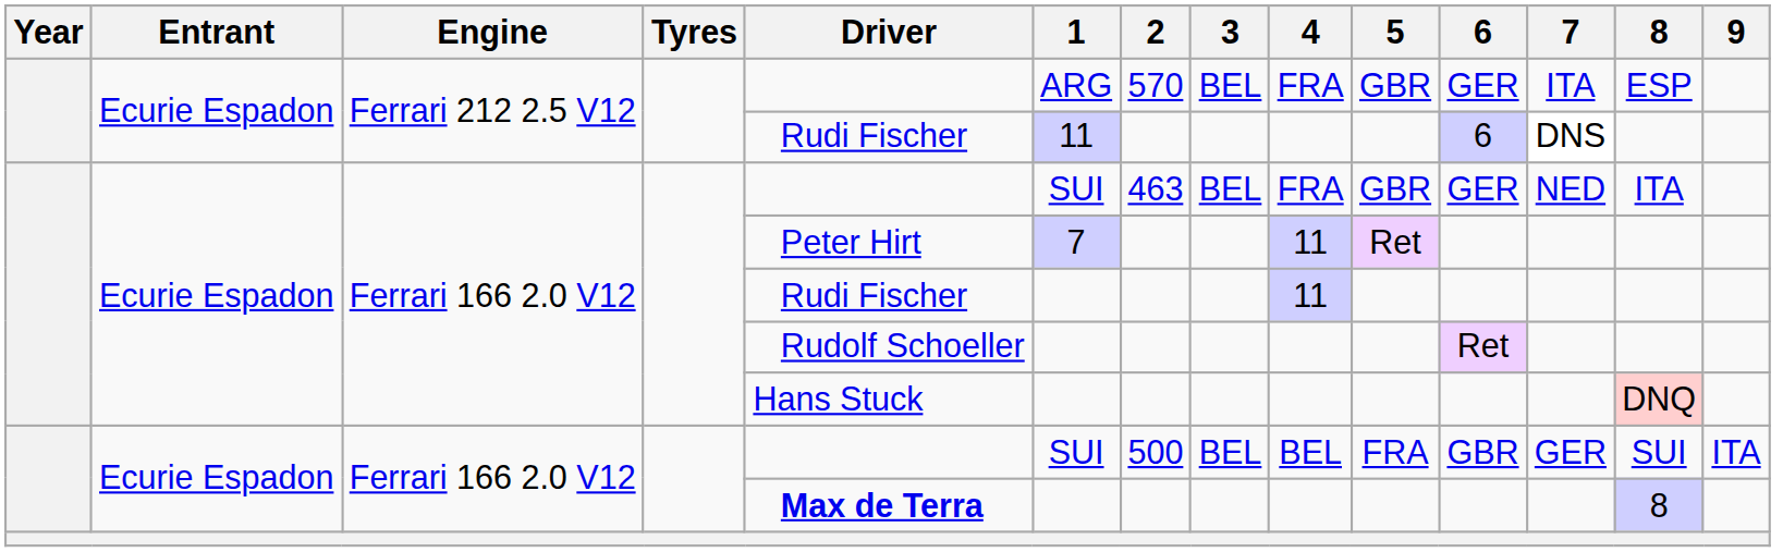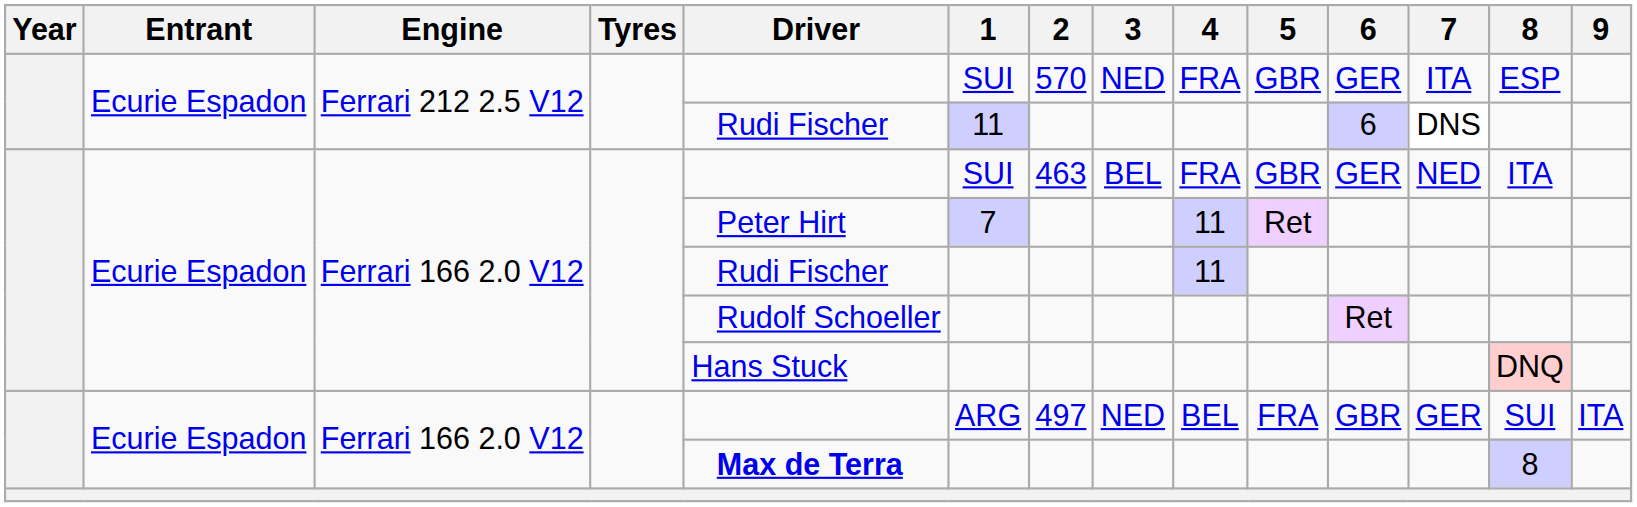 <table class="wikitable" style="text-align:center; font-size:90%">
 <tr>
 <th>Year</th>
 <th>Entrant</th>
 <th>Engine</th>
 <th>Tyres</th>
 <th>Driver</th>
 <th>1</th>
 <th>2</th>
 <th>3</th>
 <th>4</th>
 <th>5</th>
 <th>6</th>
 <th>7</th>
 <th>8</th>
 <th>9</th>
 </tr>
 <tr>
 <th rowspan=2></th>
 <td rowspan=2><a href='#'>Ecurie Espadon</a></td>
 <td rowspan=2><a href='#'>Ferrari</a> 212 2.5 <a href='#'>V12</a></td>
 <td rowspan=2></td>
 <td></td>
-<td><a href='#'>ARG</a></td>
+<td><a href='#'>SUI</a></td>
 <td><a href='#'>570</a></td>
-<td><a href='#'>BEL</a></td>
+<td><a href='#'>NED</a></td>
 <td><a href='#'>FRA</a></td>
 <td><a href='#'>GBR</a></td>
 <td><a href='#'>GER</a></td>
 <td><a href='#'>ITA</a></td>
 <td><a href='#'>ESP</a></td>
 <td></td>
 </tr>
 <tr>
 <td align="left">   <a href='#'>Rudi Fischer</a></td>
 <td style="background-color:#CFCFFF">11</td>
 <td></td>
 <td></td>
 <td></td>
 <td></td>
 <td style="background-color:#CFCFFF">6</td>
 <td style="background-color:#FFFFFF">DNS</td>
 <td></td>
 <td></td>
 </tr>
 <tr>
 <th rowspan=5></th>
 <td rowspan=5><a href='#'>Ecurie Espadon</a></td>
 <td rowspan=5><a href='#'>Ferrari</a> 166 2.0 <a href='#'>V12</a></td>
 <td rowspan=5></td>
 <td></td>
 <td><a href='#'>SUI</a></td>
 <td><a href='#'>463</a></td>
 <td><a href='#'>BEL</a></td>
 <td><a href='#'>FRA</a></td>
 <td><a href='#'>GBR</a></td>
 <td><a href='#'>GER</a></td>
 <td><a href='#'>NED</a></td>
 <td><a href='#'>ITA</a></td>
 <td></td>
 </tr>
 <tr>
 <td align="left">   <a href='#'>Peter Hirt</a></td>
 <td style="background-color:#cfcfff">7</td>
 <td></td>
 <td></td>
 <td style="background-color:#cfcfff">11</td>
 <td style="background-color:#EFCFFF">Ret</td>
 <td></td>
 <td></td>
 <td></td>
 <td></td>
 </tr>
 <tr>
 <td align="left">   <a href='#'>Rudi Fischer</a></td>
 <td></td>
 <td></td>
 <td></td>
 <td style="background-color:#cfcfff">11</td>
 <td></td>
 <td></td>
 <td></td>
 <td></td>
 <td></td>
 </tr>
 <tr>
 <td align="left">   <a href='#'>Rudolf Schoeller</a></td>
 <td></td>
 <td></td>
 <td></td>
 <td></td>
 <td></td>
 <td style="background-color:#EFCFFF">Ret</td>
 <td></td>
 <td></td>
 <td></td>
 </tr>
 <tr>
 <td align="left"> <a href='#'>Hans Stuck</a></td>
 <td></td>
 <td></td>
 <td></td>
 <td></td>
 <td></td>
 <td></td>
 <td></td>
 <td style="background-color:#FFCFCF">DNQ</td>
 <td></td>
 </tr>
 <tr>
 <th rowspan=2></th>
 <td rowspan=2><a href='#'>Ecurie Espadon</a></td>
 <td rowspan=2><a href='#'>Ferrari</a> 166 2.0 <a href='#'>V12</a></td>
 <td rowspan=2></td>
 <td></td>
-<td><a href='#'>SUI</a></td>
-<td><a href='#'>500</a></td>
-<td><a href='#'>BEL</a></td>
+<td><a href='#'>ARG</a></td>
+<td><a href='#'>497</a></td>
+<td><a href='#'>NED</a></td>
 <td><a href='#'>BEL</a></td>
 <td><a href='#'>FRA</a></td>
 <td><a href='#'>GBR</a></td>
 <td><a href='#'>GER</a></td>
 <td><a href='#'>SUI</a></td>
 <td><a href='#'>ITA</a></td>
 </tr>
 <tr>
 <td align="left"><strong>   <a href='#'>Max de Terra</a></strong></td>
 <td></td>
 <td></td>
 <td></td>
 <td></td>
 <td></td>
 <td></td>
 <td></td>
 <td style="background-color:#cfcfff">8</td>
 <td></td>
 </tr>
 <tr>
 <th colspan="14"></th>
 </tr>
 </table>
